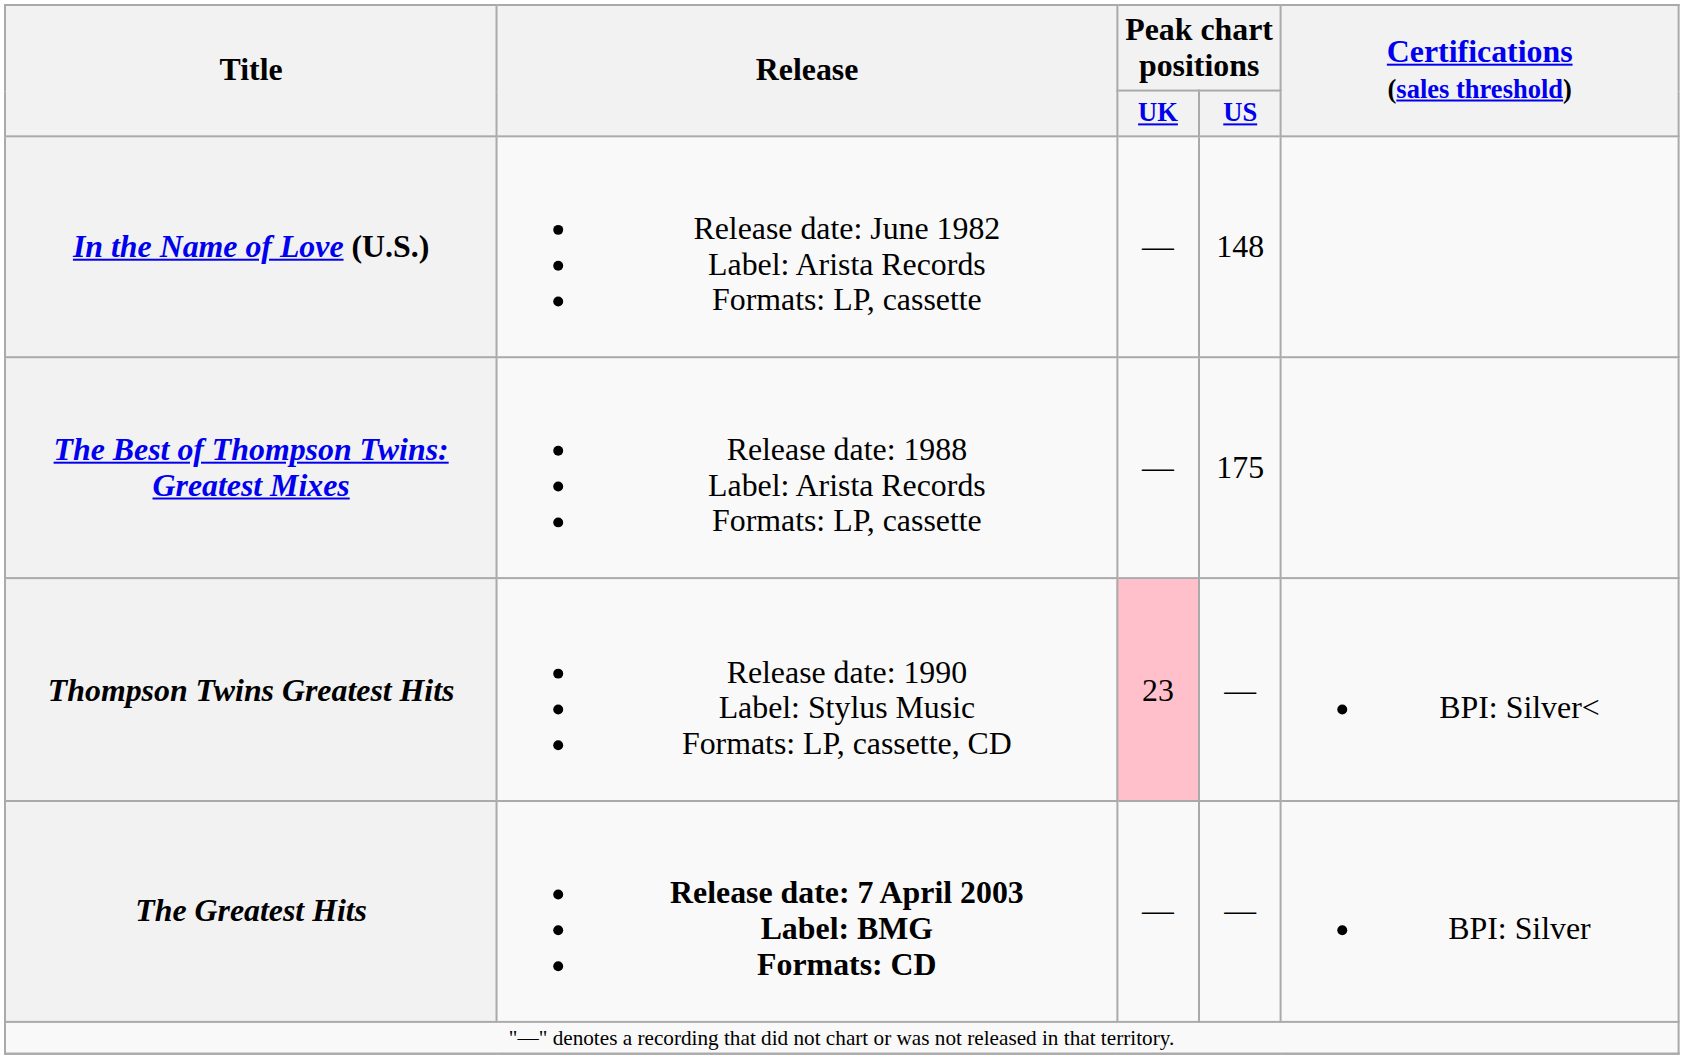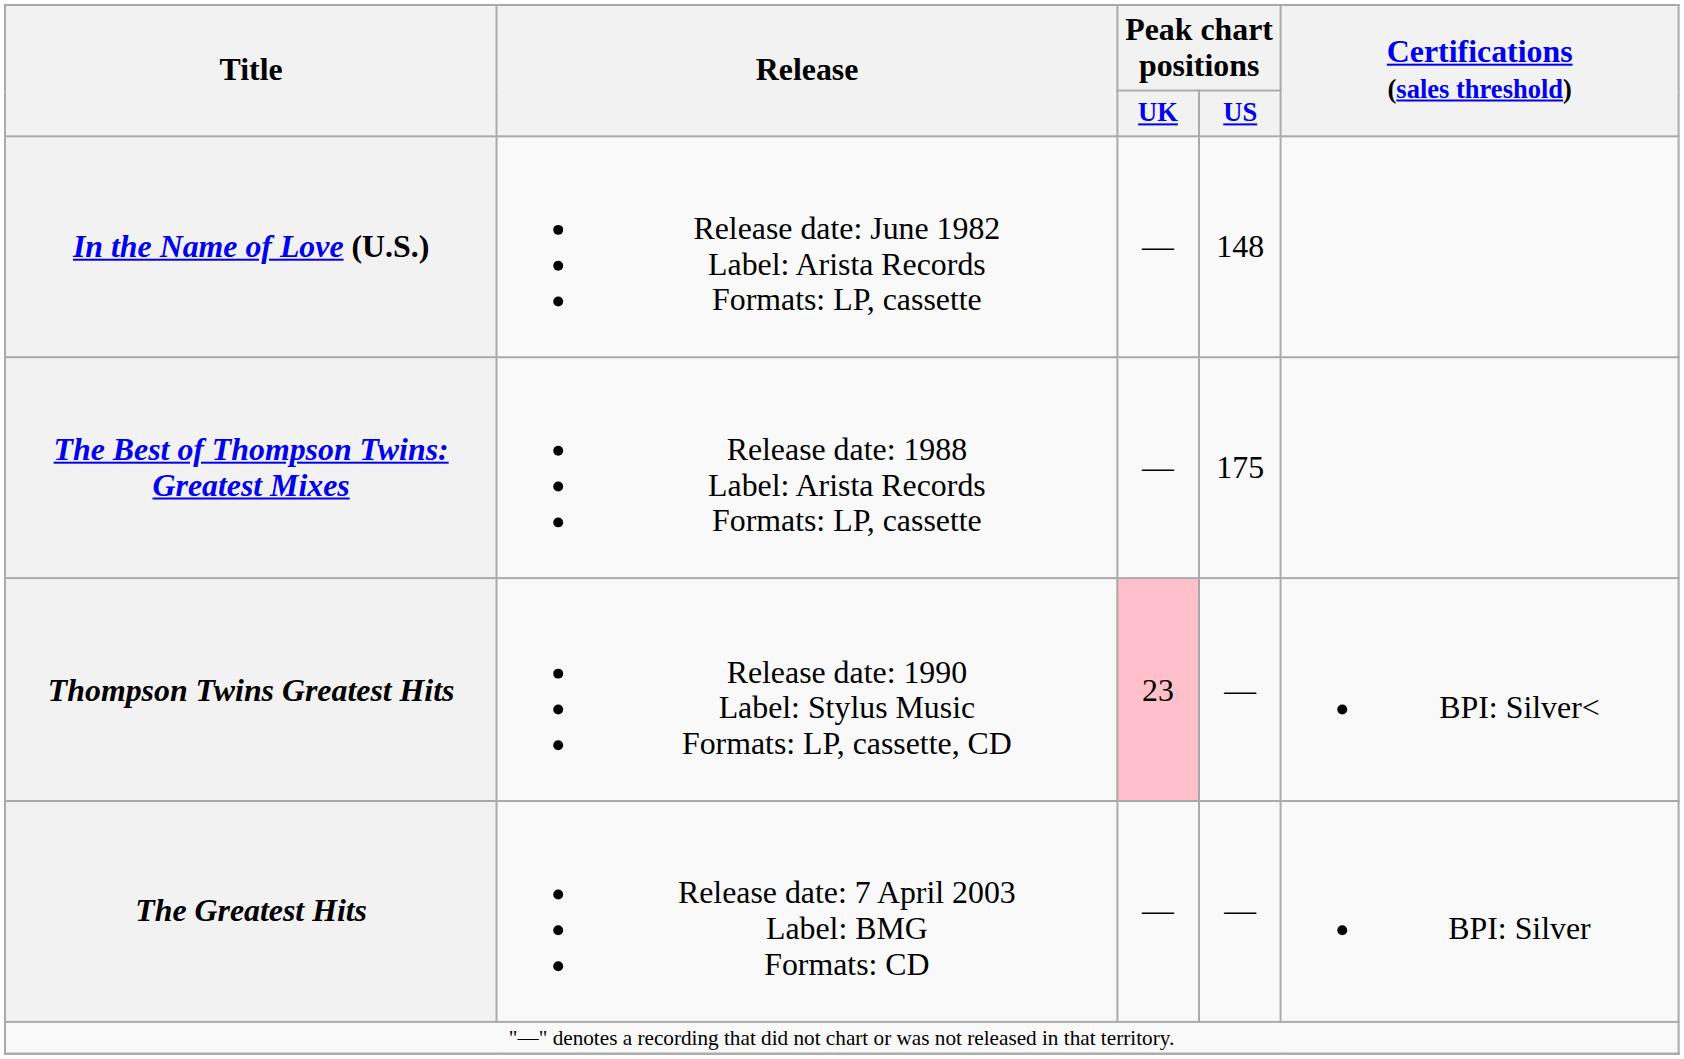 <table class="wikitable plainrowheaders" style="text-align:center;">
 <tr>
 <th rowspan="2" style="width:15em;">Title</th>
 <th rowspan="2" style="width:19em;">Release</th>
 <th colspan="2">Peak chart<br>positions</th>
 <th rowspan="2" style="width:12em;"><a href='#'>Certifications</a><br><small>(<a href='#'>sales threshold</a>)</small></th>
 </tr>
 <tr style="font-size:smaller;">
 <th style="width:35px;"><a href='#'>UK</a><br></th>
 <th style="width:35px;"><a href='#'>US</a><br></th>
 </tr>
 <tr>
 <th scope="row"><em><a href='#'>In the Name of Love</a></em> (U.S.)</th>
 <td><br><ul><li>Release date: June 1982</li><li>Label: Arista Records</li><li>Formats: LP, cassette</li></ul></td>
 <td>—</td>
 <td>148</td>
 <td></td>
 </tr>
 <tr>
 <th scope="row"><em><a href='#'>The Best of Thompson Twins: Greatest Mixes</a></em></th>
 <td><br><ul><li>Release date: 1988</li><li>Label: Arista Records</li><li>Formats: LP, cassette</li></ul></td>
 <td>—</td>
 <td>175</td>
 <td></td>
 </tr>
 <tr>
 <th scope="row"><em>Thompson Twins Greatest Hits</em></th>
 <td><br><ul><li>Release date: 1990</li><li>Label: Stylus Music</li><li>Formats: LP, cassette, CD</li></ul></td>
 <td style="background: pink;">23</td>
 <td>—</td>
 <td><br><ul><li>BPI: Silver<</li></ul></td>
 </tr>
 <tr>
 <th scope="row"><em>The Greatest Hits</em></th>
-<td><strong><br><ul><li>Release date: 7 April 2003</li><li>Label: BMG</li><li>Formats: CD</li></ul></strong></td>
+<td><br><ul><li>Release date: 7 April 2003</li><li>Label: BMG</li><li>Formats: CD</li></ul></td>
 <td>—</td>
 <td>—</td>
 <td><br><ul><li>BPI: Silver</li></ul></td>
 </tr>
 <tr>
 <td colspan="16" style="font-size:8pt">"—" denotes a recording that did not chart or was not released in that territory.</td>
 </tr>
 <tr>
 </tr>
 </table>
